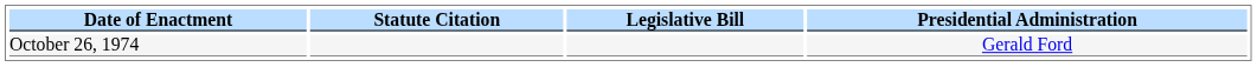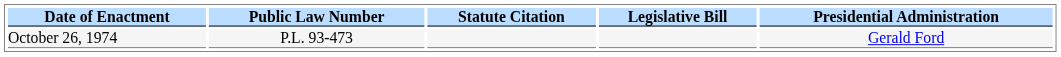 <table style="border:1px solid gray; align:left; width:85%" cellspacing=3 cellpadding=0>
 <tr style="font-weight:bold; text-align:center; background:#bbddff; color:black;">
 <th style=" border-bottom:1.5px solid black">Date of Enactment</th>
+<th style=" border-bottom:1.5px solid black">Public Law Number</th>
 <th style=" border-bottom:1.5px solid black">Statute Citation</th>
 <th style=" border-bottom:1.5px solid black">Legislative Bill</th>
 <th style=" border-bottom:1.5px solid black">Presidential Administration</th>
 </tr>
 <tr>
 <td style="border-bottom:1px solid gray; background:#F5F5F5;">October 26, 1974</td>
+<td style="border-bottom:1px solid gray; background:#F5F5F5; text-align:center;">P.L. 93-473</td>
 <td style="border-bottom:1px solid gray; background:#F5F5F5; text-align:center;"></td>
 <td style="border-bottom:1px solid gray; background:#F5F5F5; text-align:center;"></td>
 <td style="border-bottom:1px solid gray; background:#F5F5F5; text-align:center;"><a href='#'>Gerald Ford</a></td>
 </tr>
 </table>
